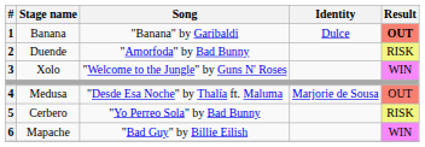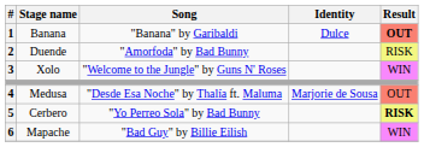 <table class="wikitable plainrowheaders" style="text-align: center;">
 <tr>
 <th>#</th>
 <th>Stage name</th>
 <th>Song</th>
 <th>Identity</th>
 <th>Result</th>
 </tr>
 <tr>
 <th>1</th>
 <td>Banana</td>
 <td>"Banana" by <a href='#'>Garibaldi</a></td>
 <td><a href='#'>Dulce</a></td>
 <td bgcolor=salmon><strong>OUT</strong></td>
 </tr>
 <tr>
 <th>2</th>
 <td>Duende</td>
 <td>"<a href='#'>Amorfoda</a>" by <a href='#'>Bad Bunny</a></td>
 <td></td>
 <td bgcolor=#F3F781>RISK</td>
 </tr>
 <tr>
 <th>3</th>
 <td>Xolo</td>
 <td>"<a href='#'>Welcome to the Jungle</a>" by <a href='#'>Guns N' Roses</a></td>
 <td></td>
 <td bgcolor=#F888FD>WIN</td>
 </tr>
 <tr>
 <td colspan="5" style="background:darkgray"></td>
 </tr>
 <tr>
 <th>4</th>
 <td>Medusa</td>
 <td>"<a href='#'>Desde Esa Noche</a>" by <a href='#'>Thalía</a> ft. <a href='#'>Maluma</a></td>
 <td><a href='#'>Marjorie de Sousa</a></td>
 <td bgcolor=salmon>OUT</td>
 </tr>
 <tr>
 <th>5</th>
 <td>Cerbero</td>
 <td>"<a href='#'>Yo Perreo Sola</a>" by <a href='#'>Bad Bunny</a></td>
 <td></td>
-<td bgcolor=#F3F781>RISK</td>
+<td bgcolor=#F3F781><strong>RISK</strong></td>
 </tr>
 <tr>
 <th>6</th>
 <td>Mapache</td>
 <td>"<a href='#'>Bad Guy</a>" by <a href='#'>Billie Eilish</a></td>
 <td></td>
 <td bgcolor=#F888FD>WIN</td>
 </tr>
 <tr>
 </tr>
 </table>
